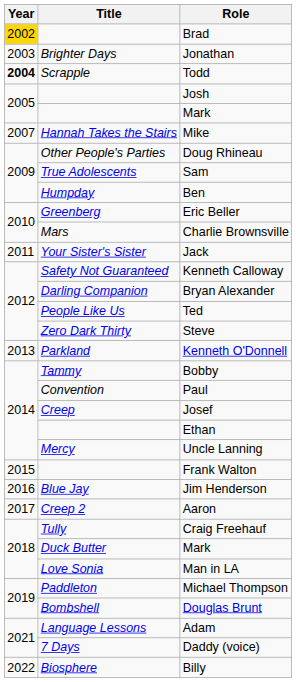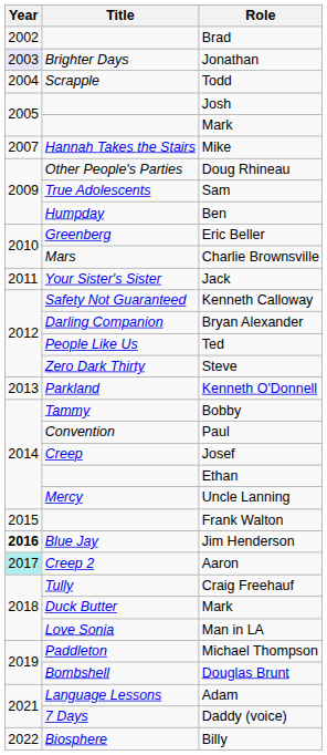 <table class="wikitable">
 <tr>
 <th>Year</th>
 <th>Title</th>
 <th>Role</th>
 </tr>
 <tr>
-<td style="background: gold;">2002</td>
+<td>2002</td>
 <td><em></em></td>
 <td>Brad</td>
 </tr>
 <tr>
-<td>2003</td>
+<td style="background: lavender;">2003</td>
 <td><em>Brighter Days</em></td>
 <td>Jonathan</td>
 </tr>
 <tr>
-<td><strong>2004</strong></td>
+<td>2004</td>
 <td><em>Scrapple</em></td>
 <td>Todd</td>
 </tr>
 <tr>
 <td rowspan=2>2005</td>
 <td><em></em></td>
 <td>Josh</td>
 </tr>
 <tr>
 <td><em></em></td>
 <td>Mark</td>
 </tr>
 <tr>
 <td>2007</td>
 <td><em><a href='#'>Hannah Takes the Stairs</a></em></td>
 <td>Mike</td>
 </tr>
 <tr>
 <td rowspan=3>2009</td>
 <td><em>Other People's Parties</em></td>
 <td>Doug Rhineau</td>
 </tr>
 <tr>
 <td><em><a href='#'>True Adolescents</a></em></td>
 <td>Sam</td>
 </tr>
 <tr>
 <td><em><a href='#'>Humpday</a></em></td>
 <td>Ben</td>
 </tr>
 <tr>
 <td rowspan=2>2010</td>
 <td><em><a href='#'>Greenberg</a></em></td>
 <td>Eric Beller</td>
 </tr>
 <tr>
 <td><em>Mars</em></td>
 <td>Charlie Brownsville</td>
 </tr>
 <tr>
 <td>2011</td>
 <td><em><a href='#'>Your Sister's Sister</a></em></td>
 <td>Jack</td>
 </tr>
 <tr>
 <td rowspan=4>2012</td>
 <td><em><a href='#'>Safety Not Guaranteed</a></em></td>
 <td>Kenneth Calloway</td>
 </tr>
 <tr>
 <td><em><a href='#'>Darling Companion</a></em></td>
 <td>Bryan Alexander</td>
 </tr>
 <tr>
 <td><em><a href='#'>People Like Us</a></em></td>
 <td>Ted</td>
 </tr>
 <tr>
 <td><em><a href='#'>Zero Dark Thirty</a></em></td>
 <td>Steve</td>
 </tr>
 <tr>
 <td>2013</td>
 <td><em><a href='#'>Parkland</a></em></td>
 <td><a href='#'>Kenneth O'Donnell</a></td>
 </tr>
 <tr>
 <td rowspan=5>2014</td>
 <td><em><a href='#'>Tammy</a></em></td>
 <td>Bobby</td>
 </tr>
 <tr>
 <td><em>Convention</em></td>
 <td>Paul</td>
 </tr>
 <tr>
 <td><em><a href='#'>Creep</a></em></td>
 <td>Josef</td>
 </tr>
 <tr>
 <td><em></em></td>
 <td>Ethan</td>
 </tr>
 <tr>
 <td><em><a href='#'>Mercy</a></em></td>
 <td>Uncle Lanning</td>
 </tr>
 <tr>
 <td>2015</td>
 <td><em></em></td>
 <td>Frank Walton</td>
 </tr>
 <tr>
-<td>2016</td>
+<td><strong>2016</strong></td>
 <td><em><a href='#'>Blue Jay</a></em></td>
 <td>Jim Henderson</td>
 </tr>
 <tr>
-<td>2017</td>
+<td style="background: paleturquoise;">2017</td>
 <td><em><a href='#'>Creep 2</a></em></td>
 <td>Aaron</td>
 </tr>
 <tr>
 <td rowspan=3>2018</td>
 <td><em><a href='#'>Tully</a></em></td>
 <td>Craig Freehauf</td>
 </tr>
 <tr>
 <td><em><a href='#'>Duck Butter</a></em></td>
 <td>Mark</td>
 </tr>
 <tr>
 <td><em><a href='#'>Love Sonia</a></em></td>
 <td>Man in LA</td>
 </tr>
 <tr>
 <td rowspan=2>2019</td>
 <td><em><a href='#'>Paddleton</a></em></td>
 <td>Michael Thompson</td>
 </tr>
 <tr>
 <td><em><a href='#'>Bombshell</a></em></td>
 <td><a href='#'>Douglas Brunt</a></td>
 </tr>
 <tr>
 <td rowspan=2>2021</td>
 <td><em><a href='#'>Language Lessons</a></em></td>
 <td>Adam</td>
 </tr>
 <tr>
 <td><em><a href='#'>7 Days</a></em></td>
 <td>Daddy (voice)</td>
 </tr>
 <tr>
 <td>2022</td>
 <td><em><a href='#'>Biosphere</a></em></td>
 <td>Billy</td>
 </tr>
 </table>
